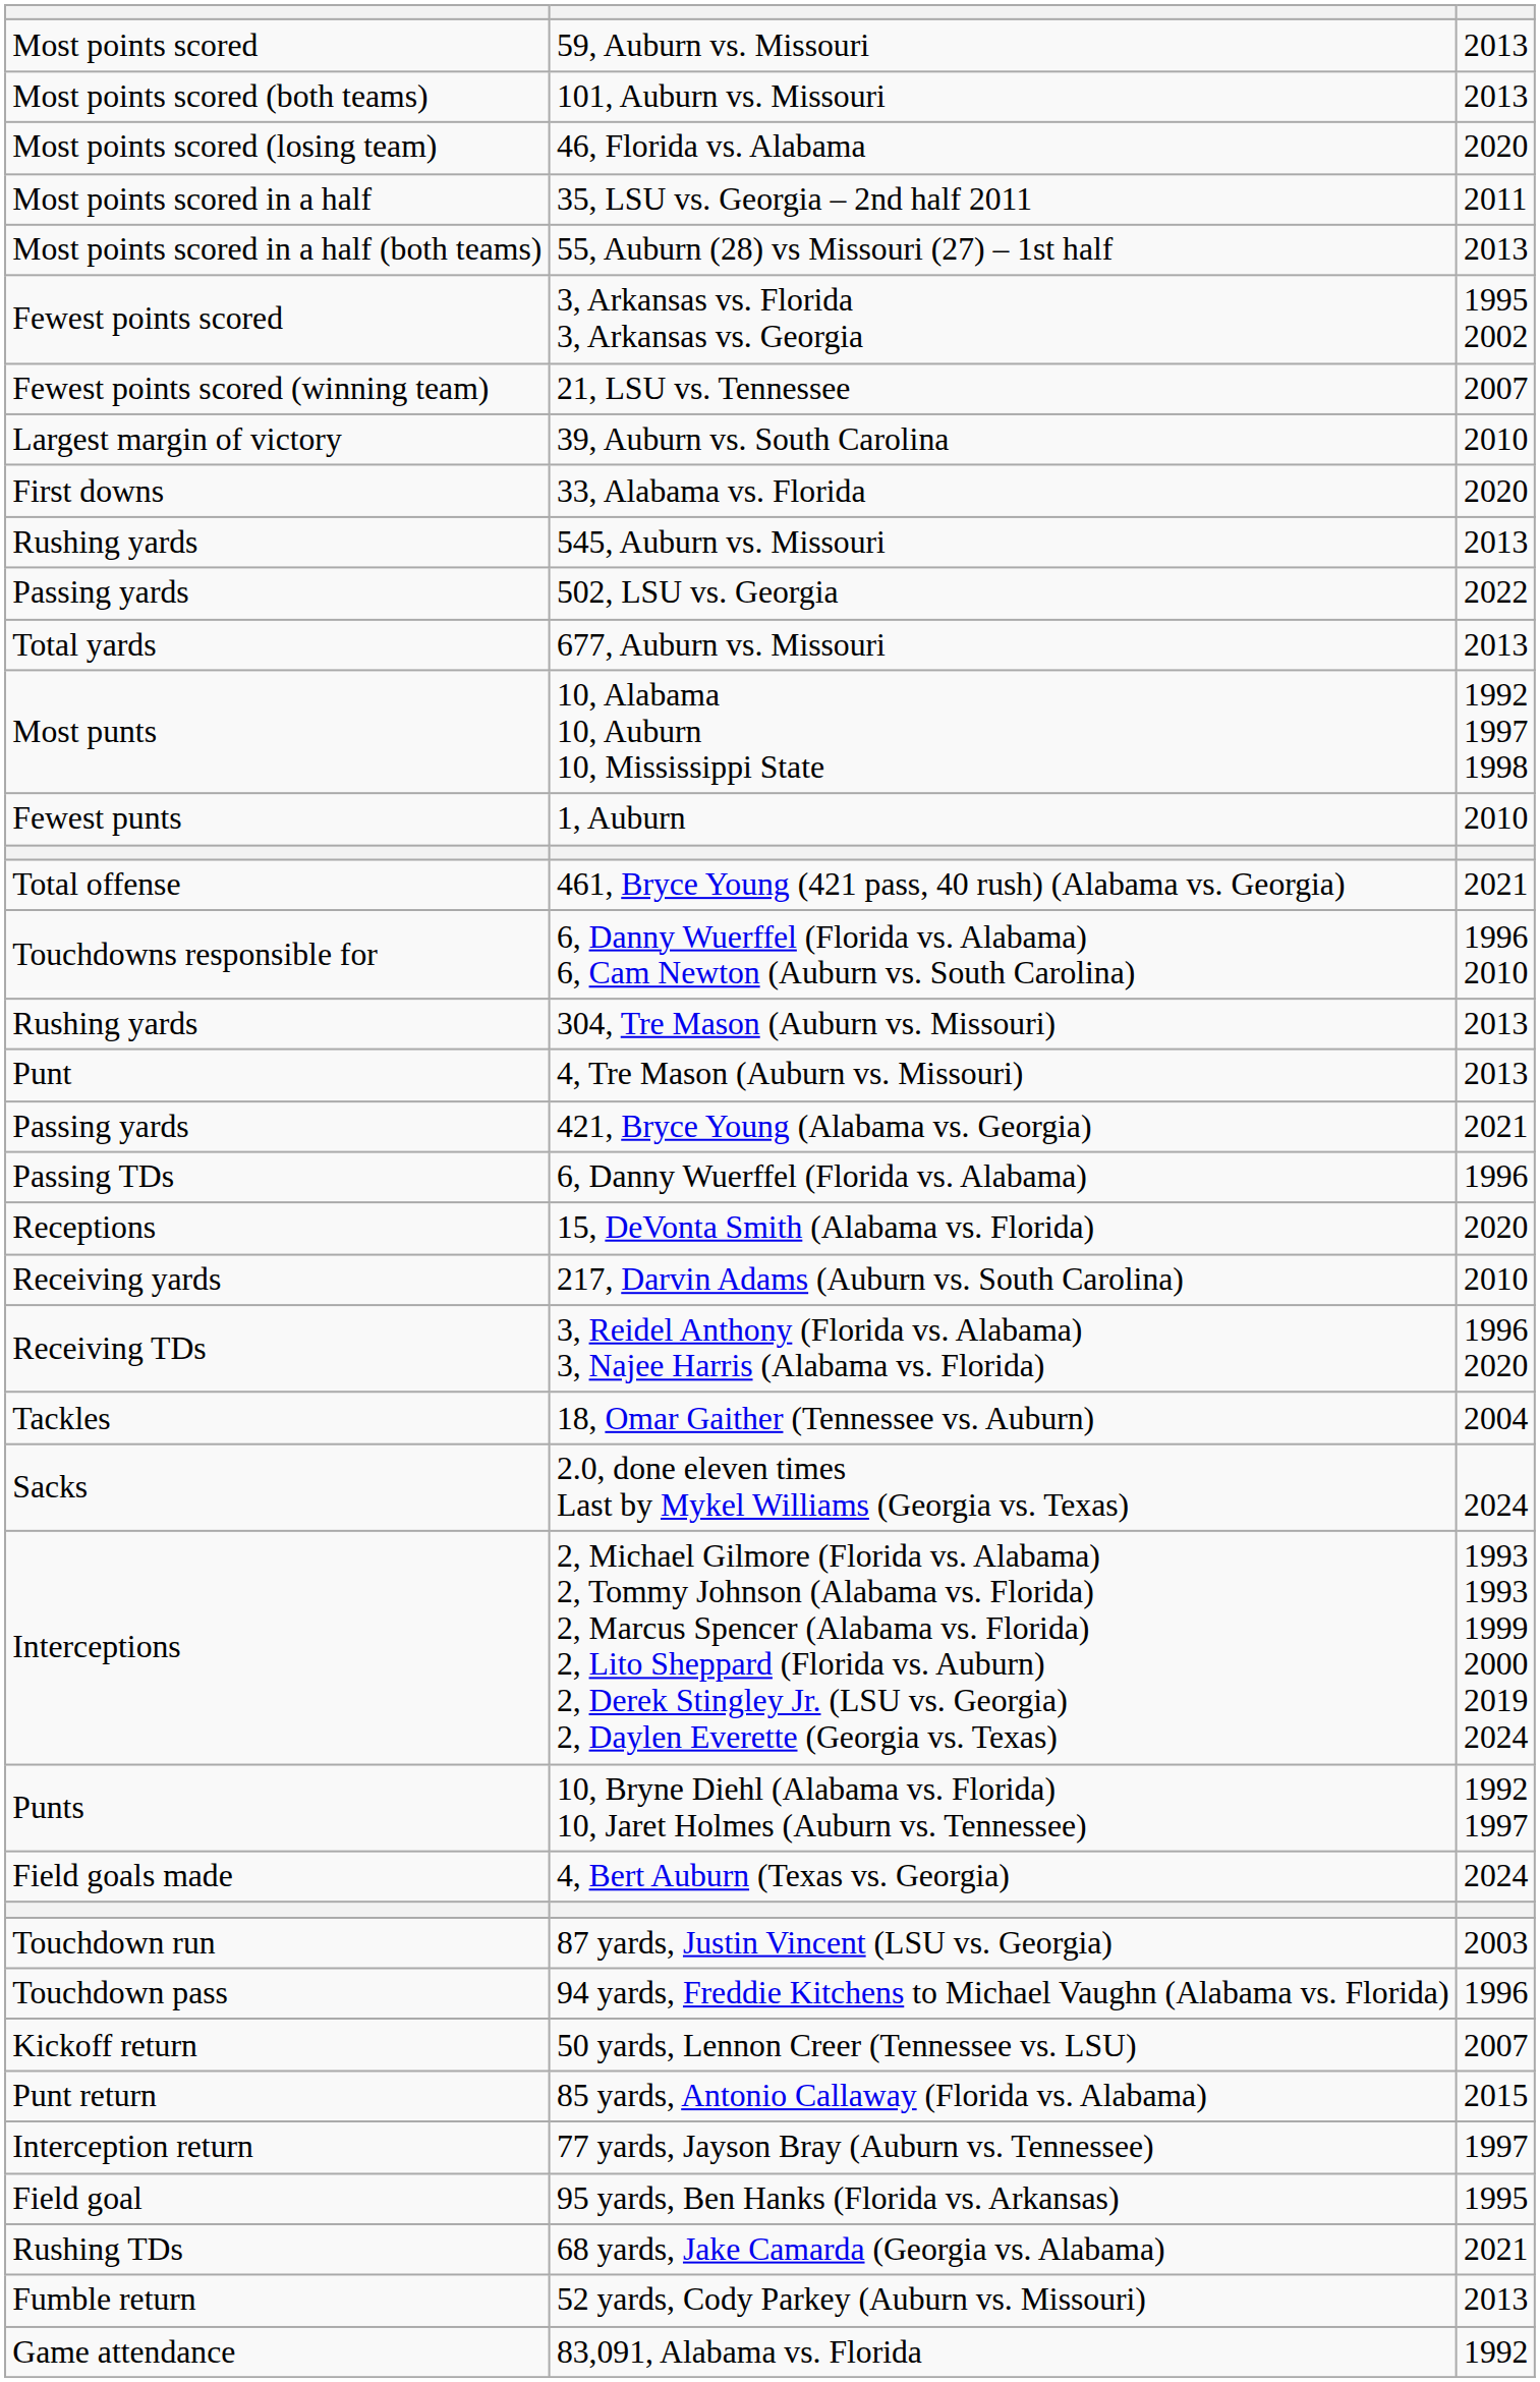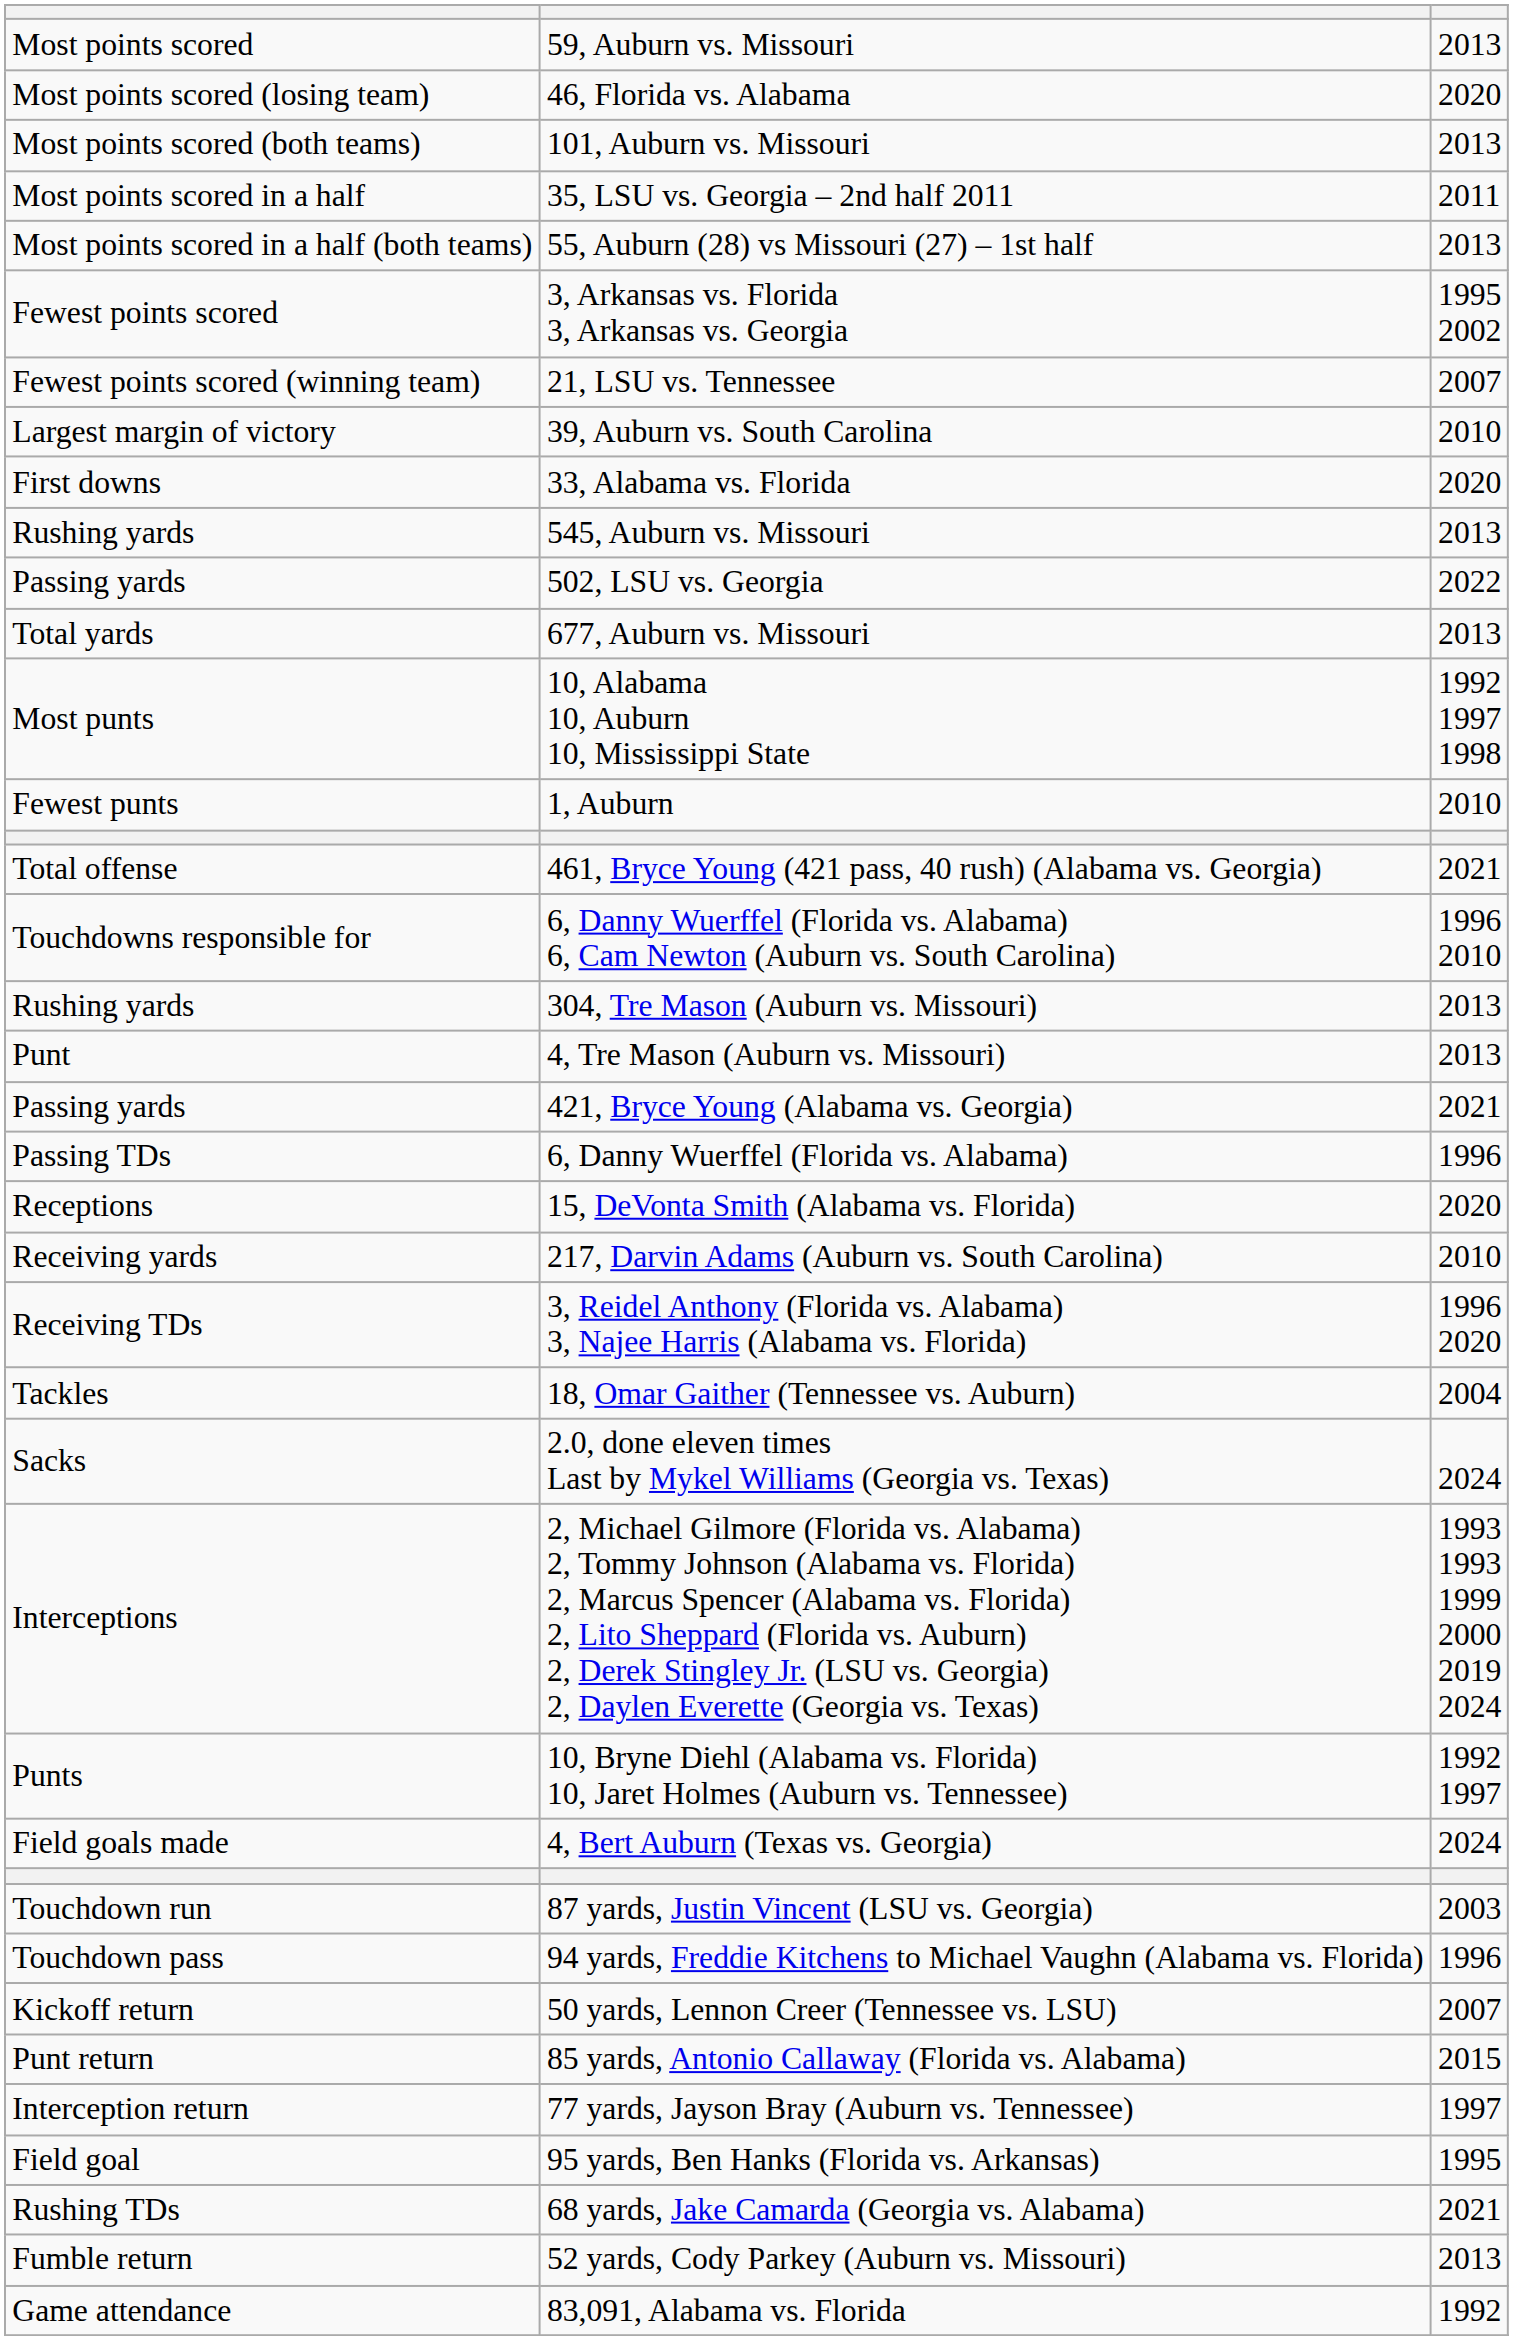 <table class="wikitable">
 <tr>
 <th></th>
 <th></th>
 <th></th>
 </tr>
 <tr>
 <td>Most points scored</td>
 <td>59, Auburn vs. Missouri</td>
 <td>2013</td>
 </tr>
 <tr>
+<td>Most points scored (losing team)</td>
+<td>46, Florida vs. Alabama</td>
+<td>2020</td>
+</tr>
+<tr>
 <td>Most points scored (both teams)</td>
 <td>101, Auburn vs. Missouri</td>
 <td>2013</td>
-</tr>
-<tr>
-<td>Most points scored (losing team)</td>
-<td>46, Florida vs. Alabama</td>
-<td>2020</td>
 </tr>
 <tr>
 <td>Most points scored in a half</td>
 <td>35, LSU vs. Georgia – 2nd half 2011</td>
 <td>2011</td>
 </tr>
 <tr>
 <td>Most points scored in a half (both teams)</td>
 <td>55, Auburn (28) vs Missouri (27) – 1st half</td>
 <td>2013</td>
 </tr>
 <tr>
 <td>Fewest points scored</td>
 <td>3, Arkansas vs. Florida <br> 3, Arkansas vs. Georgia</td>
 <td>1995 <br> 2002</td>
 </tr>
 <tr>
 <td>Fewest points scored (winning team)</td>
 <td>21, LSU vs. Tennessee</td>
 <td>2007</td>
 </tr>
 <tr>
 <td>Largest margin of victory</td>
 <td>39, Auburn vs. South Carolina</td>
 <td>2010</td>
 </tr>
 <tr>
 <td>First downs</td>
 <td>33, Alabama vs. Florida</td>
 <td>2020</td>
 </tr>
 <tr>
 <td>Rushing yards</td>
 <td>545, Auburn vs. Missouri</td>
 <td>2013</td>
 </tr>
 <tr>
 <td>Passing yards</td>
 <td>502, LSU vs. Georgia</td>
 <td>2022</td>
 </tr>
 <tr>
 <td>Total yards</td>
 <td>677, Auburn vs. Missouri</td>
 <td>2013</td>
 </tr>
 <tr>
 <td>Most punts</td>
 <td>10, Alabama<br> 10, Auburn <br>10, Mississippi State</td>
 <td>1992 <br> 1997 <br> 1998</td>
 </tr>
 <tr>
 <td>Fewest punts</td>
 <td>1, Auburn</td>
 <td>2010</td>
 </tr>
 <tr>
 <th></th>
 <th></th>
 <th></th>
 </tr>
 <tr>
 <td>Total offense</td>
 <td>461, <a href='#'>Bryce Young</a> (421 pass, 40 rush) (Alabama vs. Georgia)</td>
 <td>2021</td>
 </tr>
 <tr>
 <td>Touchdowns responsible for</td>
 <td>6, <a href='#'>Danny Wuerffel</a> (Florida vs. Alabama) <br> 6, <a href='#'>Cam Newton</a> (Auburn vs. South Carolina)</td>
 <td>1996 <br> 2010</td>
 </tr>
 <tr>
 <td>Rushing yards</td>
 <td>304, <a href='#'>Tre Mason</a> (Auburn vs. Missouri)</td>
 <td>2013</td>
 </tr>
 <tr>
 <td>Punt</td>
 <td>4, Tre Mason (Auburn vs. Missouri)</td>
 <td>2013</td>
 </tr>
 <tr>
 <td>Passing yards</td>
 <td>421, <a href='#'>Bryce Young</a> (Alabama vs. Georgia)</td>
 <td>2021</td>
 </tr>
 <tr>
 <td>Passing TDs</td>
 <td>6, Danny Wuerffel (Florida vs. Alabama)</td>
 <td>1996</td>
 </tr>
 <tr>
 <td>Receptions</td>
 <td>15, <a href='#'>DeVonta Smith</a> (Alabama vs. Florida)</td>
 <td>2020</td>
 </tr>
 <tr>
 <td>Receiving yards</td>
 <td>217, <a href='#'>Darvin Adams</a> (Auburn vs. South Carolina)</td>
 <td>2010</td>
 </tr>
 <tr>
 <td>Receiving TDs</td>
 <td>3, <a href='#'>Reidel Anthony</a> (Florida vs. Alabama)<br> 3, <a href='#'>Najee Harris</a> (Alabama vs. Florida)</td>
 <td>1996<br>2020</td>
 </tr>
 <tr>
 <td>Tackles</td>
 <td>18, <a href='#'>Omar Gaither</a> (Tennessee vs. Auburn)</td>
 <td>2004</td>
 </tr>
 <tr>
 <td>Sacks</td>
 <td>2.0, done eleven times<br>Last by <a href='#'>Mykel Williams</a> (Georgia vs. Texas)</td>
 <td><br>2024</td>
 </tr>
 <tr>
 <td>Interceptions</td>
 <td>2, Michael Gilmore (Florida vs. Alabama) <br> 2, Tommy Johnson (Alabama vs. Florida) <br> 2, Marcus Spencer (Alabama vs. Florida) <br> 2, <a href='#'>Lito Sheppard</a> (Florida vs. Auburn) <br> 2, <a href='#'>Derek Stingley Jr.</a> (LSU vs. Georgia)<br> 2, <a href='#'>Daylen Everette</a> (Georgia vs. Texas)</td>
 <td>1993 <br> 1993 <br> 1999 <br> 2000 <br> 2019 <br> 2024</td>
 </tr>
 <tr>
 <td>Punts</td>
 <td>10, Bryne Diehl (Alabama vs. Florida) <br> 10, Jaret Holmes (Auburn vs. Tennessee)</td>
 <td>1992 <br> 1997</td>
 </tr>
 <tr>
 <td>Field goals made</td>
 <td>4, <a href='#'>Bert Auburn</a> (Texas vs. Georgia)</td>
 <td>2024</td>
 </tr>
 <tr>
 <th></th>
 <th></th>
 <th></th>
 </tr>
 <tr>
 <td>Touchdown run</td>
 <td>87 yards, <a href='#'>Justin Vincent</a> (LSU vs. Georgia)</td>
 <td>2003</td>
 </tr>
 <tr>
 <td>Touchdown pass</td>
 <td>94 yards, <a href='#'>Freddie Kitchens</a> to Michael Vaughn (Alabama vs. Florida)</td>
 <td>1996</td>
 </tr>
 <tr>
 <td>Kickoff return</td>
 <td>50 yards, Lennon Creer (Tennessee vs. LSU)</td>
 <td>2007</td>
 </tr>
 <tr>
 <td>Punt return</td>
 <td>85 yards, <a href='#'>Antonio Callaway</a> (Florida vs. Alabama)</td>
 <td>2015</td>
 </tr>
 <tr>
 <td>Interception return</td>
 <td>77 yards, Jayson Bray (Auburn vs. Tennessee)</td>
 <td>1997</td>
 </tr>
 <tr>
 <td>Field goal</td>
 <td>95 yards, Ben Hanks (Florida vs. Arkansas)</td>
 <td>1995</td>
 </tr>
 <tr>
 <td>Rushing TDs</td>
 <td>68 yards, <a href='#'>Jake Camarda</a> (Georgia vs. Alabama)</td>
 <td>2021</td>
 </tr>
 <tr>
 <td>Fumble return</td>
 <td>52 yards, Cody Parkey (Auburn vs. Missouri)</td>
 <td>2013</td>
 </tr>
 <tr>
 <td>Game attendance</td>
 <td>83,091, Alabama vs. Florida</td>
 <td>1992</td>
 </tr>
 <tr>
 </tr>
 </table>
